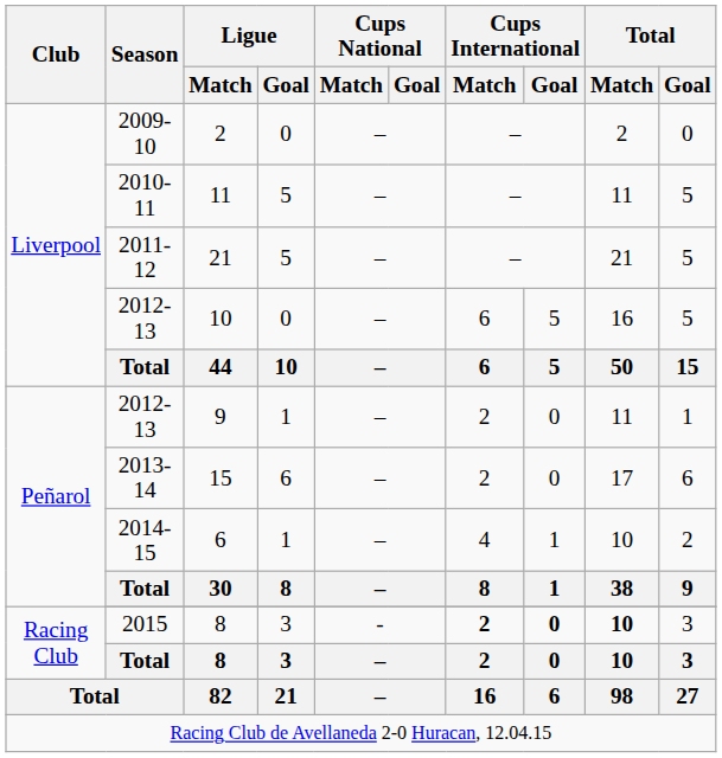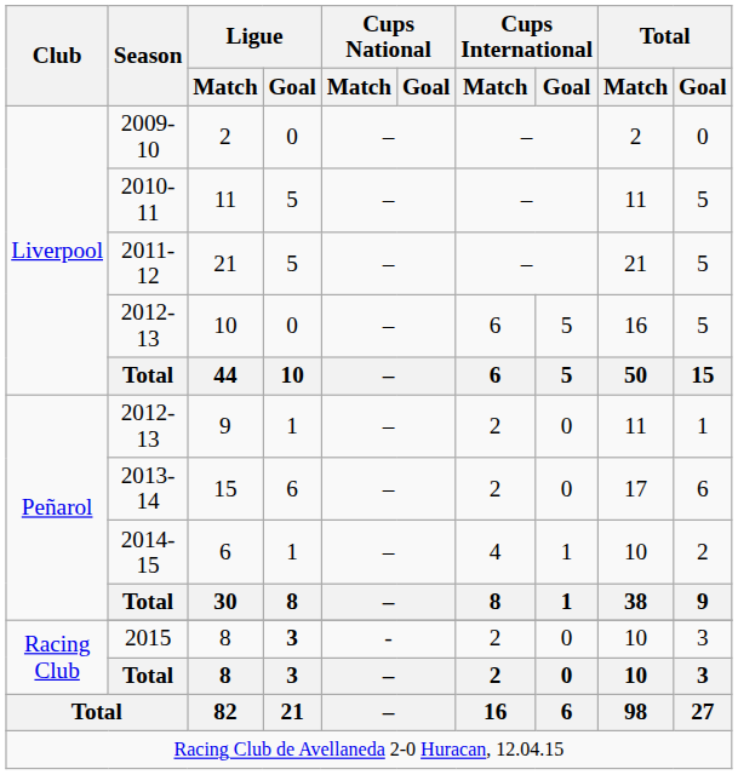 <table class="wikitable" style="margin:1em auto; width:50%; text-align: center;">
 <tr>
 <th rowspan=2 width=21%>Club</th>
 <th rowspan=2 width=15%>Season</th>
 <th colspan=2>Ligue</th>
 <th colspan=2>Cups<br>National</th>
 <th colspan=2>Cups<br>International</th>
 <th colspan=2>Total</th>
 </tr>
 <tr>
 <th width=8%>Match</th>
 <th width=8%>Goal</th>
 <th width=8%>Match</th>
 <th width=8%>Goal</th>
 <th width=8%>Match</th>
 <th width=8%>Goal</th>
 <th width=8%>Match</th>
 <th width=8%>Goal</th>
 </tr>
 <tr>
 <td rowspan=5 valign=center><a href='#'>Liverpool</a><br><small></small></td>
 <td>2009-10</td>
 <td>2</td>
 <td>0</td>
 <td colspan=2>–</td>
 <td colspan=2>–</td>
 <td>2</td>
 <td>0</td>
 </tr>
 <tr>
 <td>2010-11</td>
 <td>11</td>
 <td>5</td>
 <td colspan=2>–</td>
 <td colspan=2>–</td>
 <td>11</td>
 <td>5</td>
 </tr>
 <tr>
 <td>2011-12</td>
 <td>21</td>
 <td>5</td>
 <td colspan=2>–</td>
 <td colspan=2>–</td>
 <td>21</td>
 <td>5</td>
 </tr>
 <tr>
 <td>2012-13</td>
 <td>10</td>
 <td>0</td>
 <td colspan=2>–</td>
 <td>6</td>
 <td>5</td>
 <td>16</td>
 <td>5</td>
 </tr>
 <tr>
 <th>Total</th>
 <th>44</th>
 <th>10</th>
 <th colspan=2>–</th>
 <th>6</th>
 <th>5</th>
 <th>50</th>
 <th>15</th>
 </tr>
 <tr>
 <td rowspan=4 valign=center><a href='#'>Peñarol</a><br><small></small></td>
 <td>2012-13</td>
 <td>9</td>
 <td>1</td>
 <td colspan=2>–</td>
 <td>2</td>
 <td>0</td>
 <td>11</td>
 <td>1</td>
 </tr>
 <tr>
 <td>2013-14</td>
 <td>15</td>
 <td>6</td>
 <td colspan=2>–</td>
 <td>2</td>
 <td>0</td>
 <td>17</td>
 <td>6</td>
 </tr>
 <tr>
 <td>2014-15</td>
 <td>6</td>
 <td>1</td>
 <td colspan=2>–</td>
 <td>4</td>
 <td>1</td>
 <td>10</td>
 <td>2</td>
 </tr>
 <tr>
 <th>Total</th>
 <th>30</th>
 <th>8</th>
 <th colspan=2>–</th>
 <th>8</th>
 <th>1</th>
 <th>38</th>
 <th>9</th>
 </tr>
 <tr>
 <td rowspan=3 valign=center><a href='#'>Racing Club</a><br><small></small></td>
 </tr>
 <tr>
 <td>2015</td>
 <td>8</td>
-<td>3</td>
+<td><strong>3</strong></td>
 <td colspan=2>-</td>
-<td 0><strong>2</strong></td>
-<td><strong>0</strong></td>
-<td><strong>10</strong></td>
+<td 0>2</td>
+<td>0</td>
+<td>10</td>
 <td>3</td>
 </tr>
 <tr>
 <th>Total</th>
 <th>8</th>
 <th>3</th>
 <th colspan=2>–</th>
 <th>2</th>
 <th>0</th>
 <th>10</th>
 <th>3</th>
 </tr>
 <tr>
 <th colspan=2>Total</th>
 <th>82</th>
 <th>21</th>
 <th colspan=2>–</th>
 <th>16</th>
 <th>6</th>
 <th>98</th>
 <th>27</th>
 </tr>
 <tr align=center>
 <td colspan=10><small><a href='#'>Racing Club de Avellaneda</a> 2-0 <a href='#'>Huracan</a>, 12.04.15</small></td>
 </tr>
 </table>
